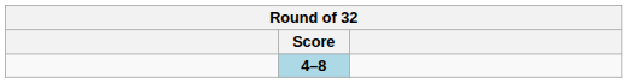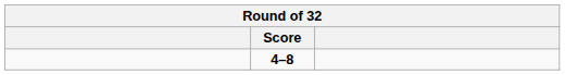 <table class="wikitable" style="text-align: center; font-size:90% ">
 <tr>
 <th colspan=3>Round of 32</th>
 </tr>
 <tr>
 <th align="right" width="250"></th>
 <th width="60">Score</th>
 <th align="left" width="250"></th>
 </tr>
 <tr>
 <td align=left></td>
-<td align=center style="background: lightblue;"><strong>4–8</strong></td>
+<td align=center><strong>4–8</strong></td>
 <td align=left><strong></strong></td>
 </tr>
 </table>
